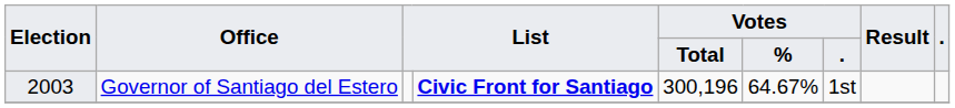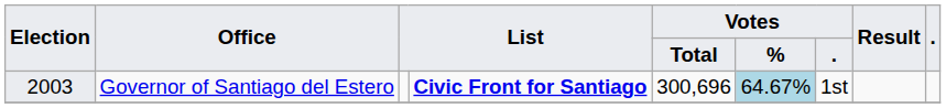 <table class="wikitable" style="font-size:90%; text-align:center;">
 <tr>
 <th style="background-color:#EAECF0;" rowspan=2>Election</th>
 <th style="background-color:#EAECF0;" rowspan=2>Office</th>
 <th style="background-color:#EAECF0;" colspan=2 rowspan=2>List</th>
 <th style="background-color:#EAECF0;" colspan=3>Votes</th>
 <th style="background-color:#EAECF0;" rowspan=2>Result</th>
 <th style="background-color:#EAECF0;" rowspan=2>.</th>
 </tr>
 <tr>
 <th style="background-color:#EAECF0;">Total</th>
 <th style="background-color:#EAECF0;">%</th>
 <th style="background-color:#EAECF0;">.</th>
 </tr>
 <tr>
 <td style="background-color:#EAECF0;">2003</td>
 <td><a href='#'>Governor of Santiago del Estero</a></td>
 <td style="background-color:"></td>
 <td><strong><a href='#'>Civic Front for Santiago</a></strong></td>
-<td>300,196</td>
-<td>64.67%</td>
+<td>300,696</td>
+<td style="background: lightblue;">64.67%</td>
 <td>1st</td>
 <td></td>
 <td></td>
 </tr>
 <tr>
 </tr>
 </table>
